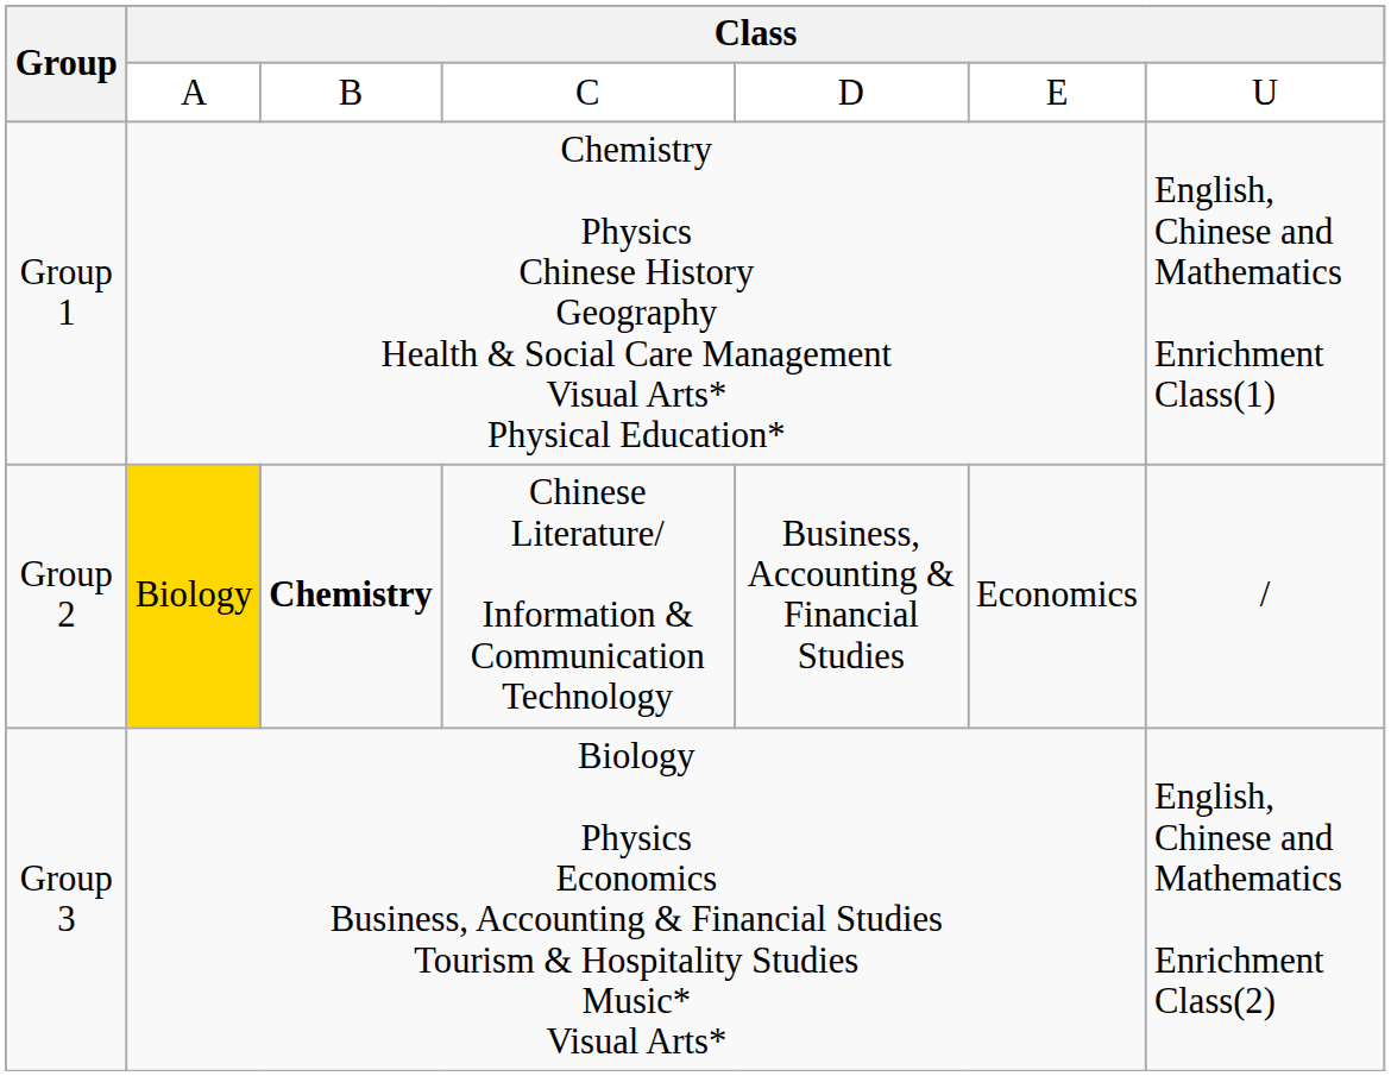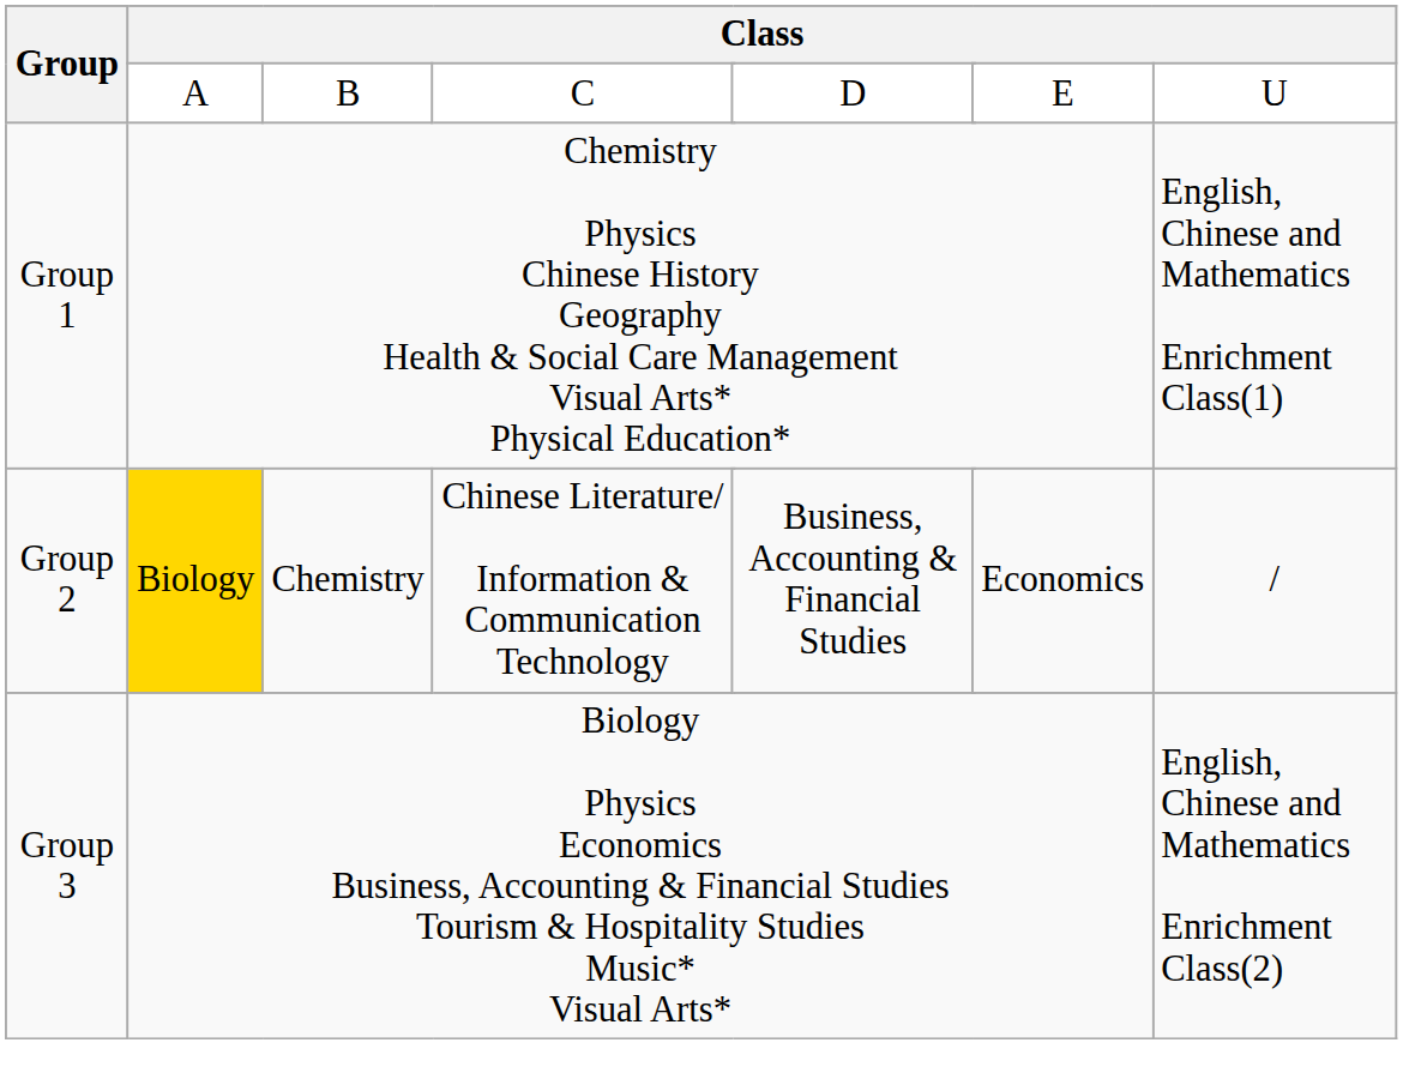 <table class="wikitable" border="1">
 <tr bgcolor="#CCCCCC">
 <th align="center" rowspan="2">Group</th>
 <th align="center" colspan="8">Class</th>
 </tr>
 <tr bgcolor="#FFFFFF">
 <td align="center">A</td>
 <td align="center">B</td>
 <td align="center" colspan="2">C</td>
 <td align="center" colspan="2">D</td>
 <td align="center">E</td>
 <td align="center" colspan="2">U</td>
 </tr>
 <tr>
 <td align="center">Group 1</td>
 <td align="center" colspan="7">Chemistry<br><br>Physics<br> Chinese History<br> Geography<br> Health & Social Care Management<br> Visual Arts*<br> Physical Education*</td>
 <td align="left">English, Chinese and Mathematics<br><br>Enrichment Class(1)</td>
 </tr>
 <tr>
 <td align="center">Group 2</td>
 <td align="center" style="background: gold;">Biology</td>
-<td align="center"><strong>Chemistry</strong></td>
+<td align="center">Chemistry</td>
 <td align="center" colspan="2">Chinese Literature/<br><br>Information & Communication Technology</td>
 <td align="center" colspan="2">Business, Accounting & Financial Studies</td>
 <td align="center">Economics</td>
 <td align="center">/</td>
 </tr>
 <tr>
 <td align="center">Group 3</td>
 <td align="center" colspan="7">Biology<br><br>Physics<br> Economics<br> Business, Accounting & Financial Studies<br> Tourism & Hospitality Studies<br> Music*<br> Visual Arts*<br></td>
 <td align="left">English, Chinese and Mathematics<br><br>Enrichment Class(2)</td>
 </tr>
 </table>
